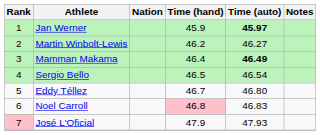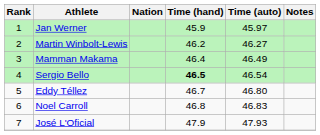 <table class="wikitable sortable" style="text-align:center">
 <tr>
 <th>Rank</th>
 <th>Athlete</th>
 <th>Nation</th>
 <th>Time (hand)</th>
 <th>Time (auto)</th>
 <th>Notes</th>
 </tr>
 <tr bgcolor=bbf3bb>
 <td>1</td>
 <td align=left><a href='#'>Jan Werner</a></td>
 <td align=left></td>
 <td>45.9</td>
-<td><strong>45.97</strong></td>
+<td>45.97</td>
 <td></td>
 </tr>
 <tr bgcolor=bbf3bb>
 <td>2</td>
 <td align=left><a href='#'>Martin Winbolt-Lewis</a></td>
 <td align=left></td>
 <td>46.2</td>
 <td>46.27</td>
 <td></td>
 </tr>
 <tr bgcolor=bbf3bb>
 <td>3</td>
 <td align=left><a href='#'>Mamman Makama</a></td>
 <td align=left></td>
 <td>46.4</td>
-<td><strong>46.49</strong></td>
+<td>46.49</td>
 <td></td>
 </tr>
 <tr bgcolor=bbf3bb>
 <td>4</td>
 <td align=left><a href='#'>Sergio Bello</a></td>
 <td align=left></td>
-<td>46.5</td>
+<td><strong>46.5</strong></td>
 <td>46.54</td>
 <td></td>
 </tr>
 <tr>
 <td>5</td>
 <td align=left><a href='#'>Eddy Téllez</a></td>
 <td align=left></td>
 <td>46.7</td>
 <td>46.80</td>
 <td></td>
 </tr>
 <tr>
 <td>6</td>
 <td align=left><a href='#'>Noel Carroll</a></td>
 <td align=left></td>
-<td style="background: pink;">46.8</td>
+<td>46.8</td>
 <td>46.83</td>
 <td></td>
 </tr>
 <tr>
-<td style="background: pink;">7</td>
+<td>7</td>
 <td align=left><a href='#'>José L'Oficial</a></td>
 <td align=left></td>
 <td>47.9</td>
 <td>47.93</td>
 <td></td>
 </tr>
 <tr>
 </tr>
 </table>
